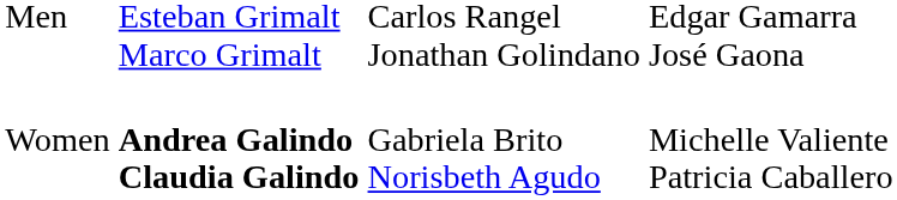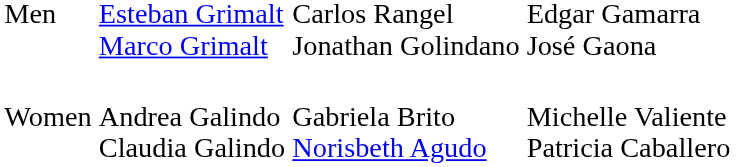 <table>
 <tr>
 <td>Men</td>
 <td nowrap><br><a href='#'>Esteban Grimalt</a><br><a href='#'>Marco Grimalt</a></td>
 <td nowrap><br>Carlos Rangel<br>Jonathan Golindano</td>
 <td><br>Edgar Gamarra<br>José Gaona</td>
 </tr>
 <tr>
 <td>Women</td>
-<td nowrap><strong><br>Andrea Galindo<br>Claudia Galindo</strong></td>
+<td nowrap><br>Andrea Galindo<br>Claudia Galindo</td>
 <td><br>Gabriela Brito<br><a href='#'>Norisbeth Agudo</a></td>
 <td nowrap><br>Michelle Valiente<br>Patricia Caballero</td>
 </tr>
 </table>
